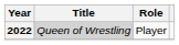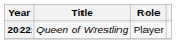 <table class="wikitable plainrowheaders">
 <tr>
 <th scope="col">Year</th>
 <th scope="col">Title</th>
 <th scope="col">Role</th>
 <th scope="col" class="unsortable"></th>
 </tr>
 <tr>
 <th scope="row">2022</th>
-<td style="background: lightgrey;"><em>Queen of Wrestling</em></td>
+<td><em>Queen of Wrestling</em></td>
 <td>Player</td>
 <td></td>
 </tr>
 <tr>
 </tr>
 </table>
